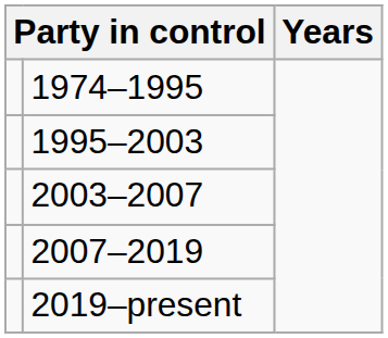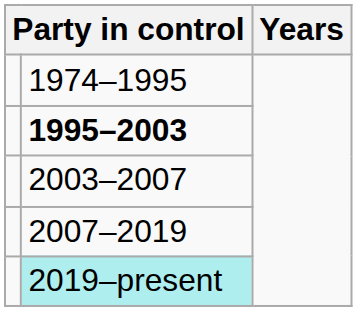 <table class="wikitable">
 <tr>
 <th colspan="2">Party in control</th>
 <th>Years</th>
 </tr>
 <tr>
 <td></td>
 <td>1974–1995</td>
 </tr>
 <tr>
 <td></td>
-<td>1995–2003</td>
+<td><strong>1995–2003</strong></td>
 </tr>
 <tr>
 <td></td>
 <td>2003–2007</td>
 </tr>
 <tr>
 <td></td>
 <td>2007–2019</td>
 </tr>
 <tr>
 <td></td>
-<td>2019–present</td>
+<td style="background: paleturquoise;">2019–present</td>
 </tr>
 </table>
